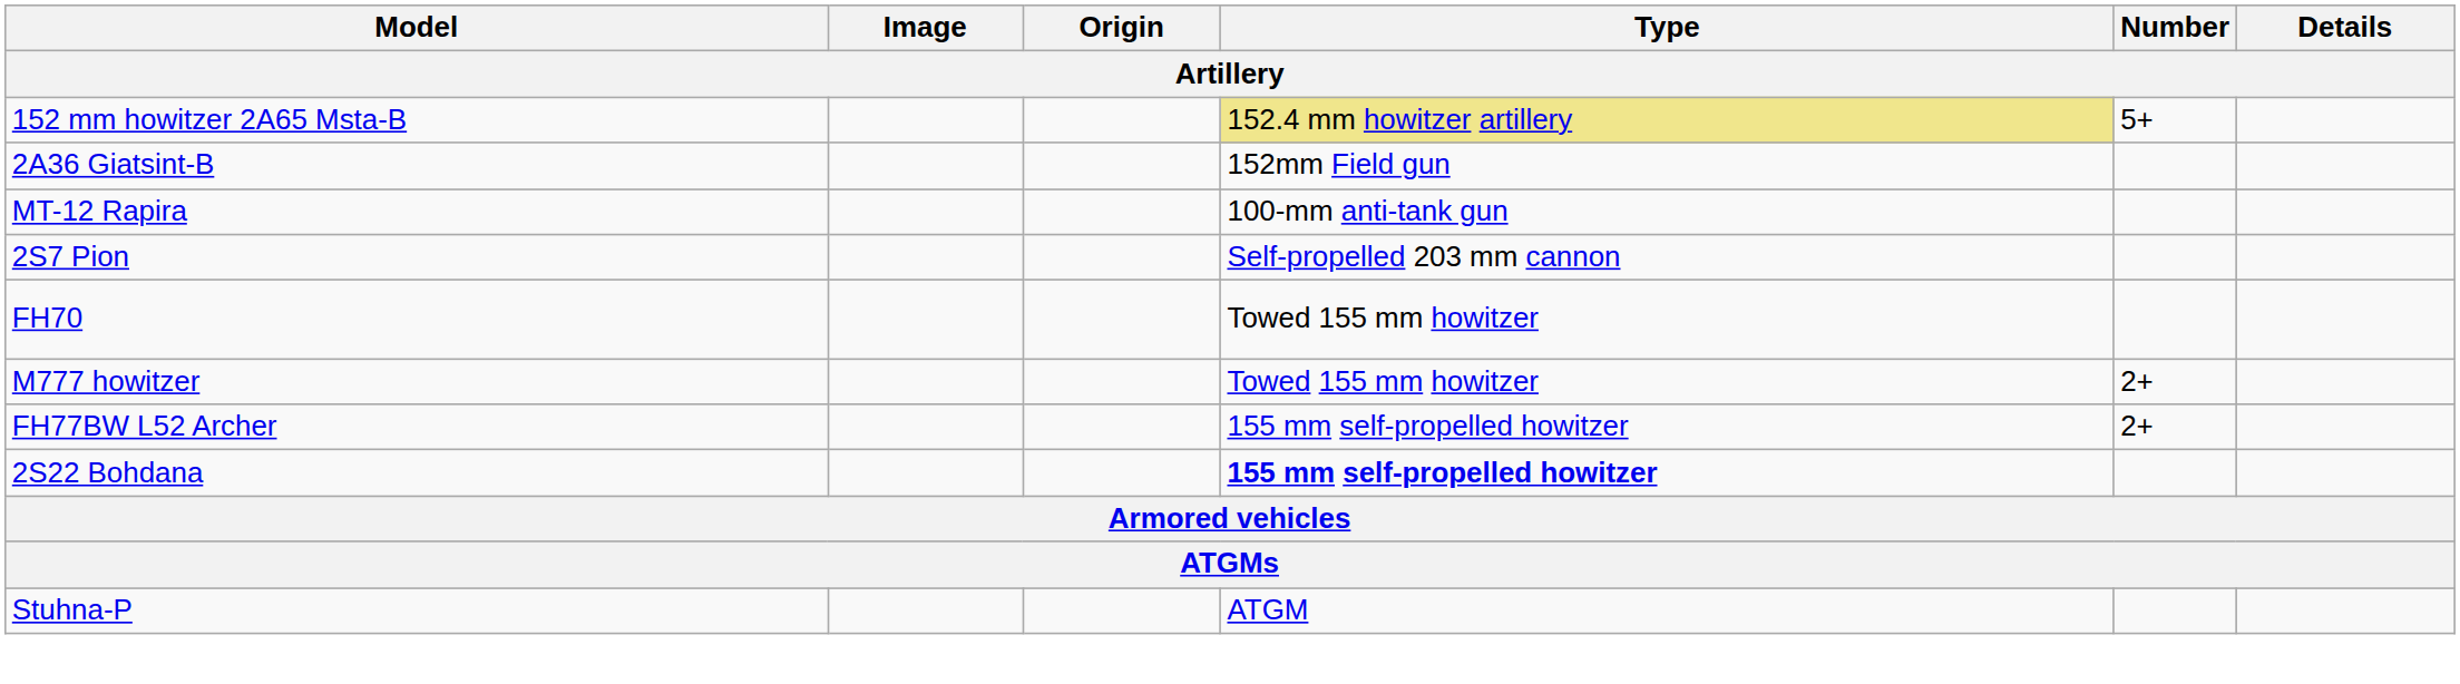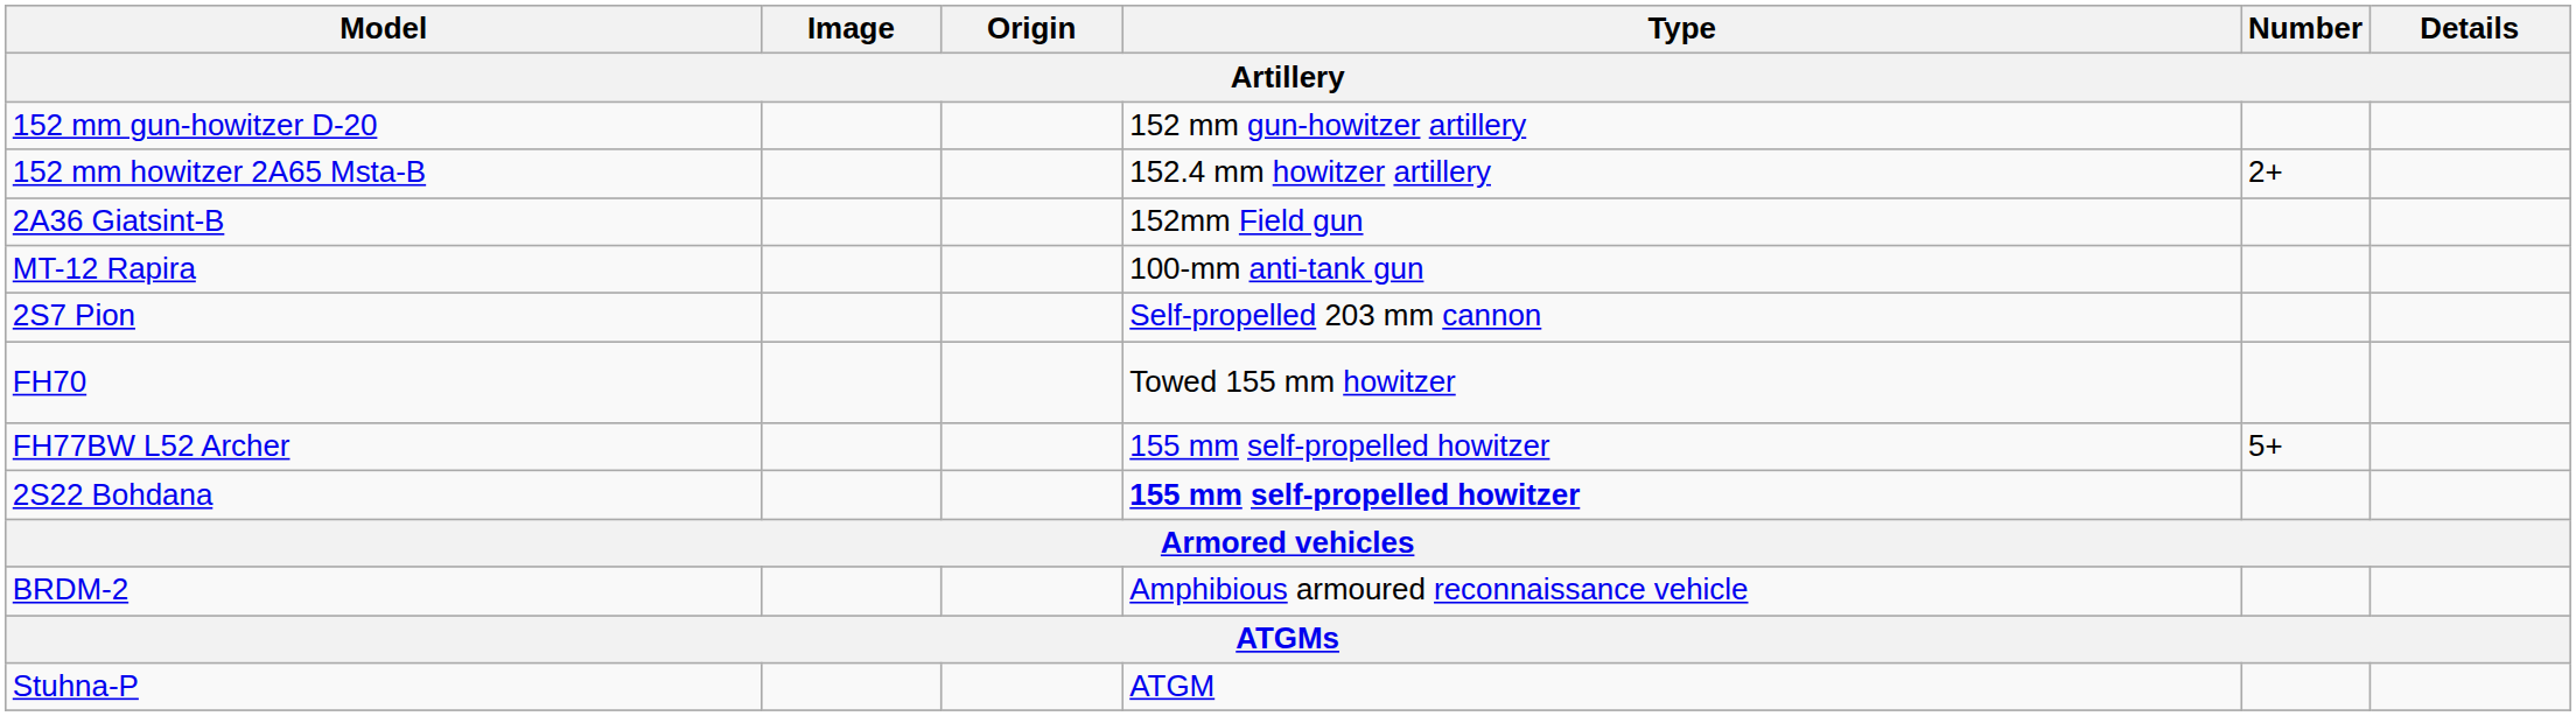 <table class="wikitable">
 <tr>
 <th>Model</th>
 <th>Image</th>
 <th>Origin</th>
 <th>Type</th>
 <th style="width:5%;">Number</th>
 <th>Details</th>
 </tr>
 <tr>
 <th colspan="6" style="align: center;">Artillery</th>
 </tr>
 <tr>
+<td><a href='#'>152 mm gun-howitzer D-20</a></td>
+<td></td>
+<td></td>
+<td>152 mm <a href='#'>gun-howitzer</a> <a href='#'>artillery</a></td>
+<td></td>
+<td></td>
+</tr>
+<tr>
 <td><a href='#'>152 mm howitzer 2A65 Msta-B</a></td>
 <td></td>
 <td></td>
-<td style="background: khaki;">152.4 mm <a href='#'>howitzer</a> <a href='#'>artillery</a></td>
-<td>5+</td>
+<td>152.4 mm <a href='#'>howitzer</a> <a href='#'>artillery</a></td>
+<td>2+</td>
 <td></td>
 </tr>
 <tr>
 <td><a href='#'>2A36 Giatsint-B</a></td>
 <td></td>
 <td></td>
 <td>152mm <a href='#'>Field gun</a></td>
 <td></td>
 <td></td>
 </tr>
 <tr>
 <td><a href='#'>MT-12 Rapira</a></td>
 <td></td>
 <td></td>
 <td>100-mm <a href='#'>anti-tank gun</a></td>
 <td></td>
 <td></td>
 </tr>
 <tr>
 <td><a href='#'>2S7 Pion</a></td>
 <td></td>
 <td></td>
 <td><a href='#'>Self-propelled</a> 203 mm <a href='#'>cannon</a></td>
 <td></td>
 <td></td>
 </tr>
 <tr>
 <td><a href='#'>FH70</a></td>
 <td></td>
 <td><br><br></td>
 <td>Towed 155 mm <a href='#'>howitzer</a></td>
 <td></td>
 <td></td>
 </tr>
 <tr>
-<td><a href='#'>M777 howitzer</a></td>
-<td></td>
-<td><br></td>
-<td><a href='#'>Towed</a> <a href='#'>155 mm</a> <a href='#'>howitzer</a></td>
-<td>2+</td>
-<td></td>
-</tr>
-<tr>
 <td><a href='#'>FH77BW L52 Archer</a></td>
 <td></td>
 <td></td>
 <td><a href='#'>155 mm</a> <a href='#'>self-propelled howitzer</a></td>
-<td>2+</td>
+<td>5+</td>
 <td></td>
 </tr>
 <tr>
 <td><a href='#'>2S22 Bohdana</a></td>
 <td></td>
 <td></td>
 <td><strong><a href='#'>155 mm</a> <a href='#'>self-propelled howitzer</a></strong></td>
 <td></td>
 <td></td>
 </tr>
 <tr>
 <th colspan="6" style="align: center;"><a href='#'>Armored vehicles</a></th>
 </tr>
 <tr>
+<td><a href='#'>BRDM-2</a></td>
+<td></td>
+<td></td>
+<td><a href='#'>Amphibious</a> armoured <a href='#'>reconnaissance vehicle</a></td>
+<td></td>
+<td></td>
+</tr>
+<tr>
 <th colspan="6" style="align: center;"><a href='#'>ATGMs</a></th>
 </tr>
 <tr>
 <td><a href='#'>Stuhna-P</a></td>
 <td></td>
 <td></td>
 <td><a href='#'>ATGM</a></td>
 <td></td>
 <td></td>
 </tr>
 </table>
